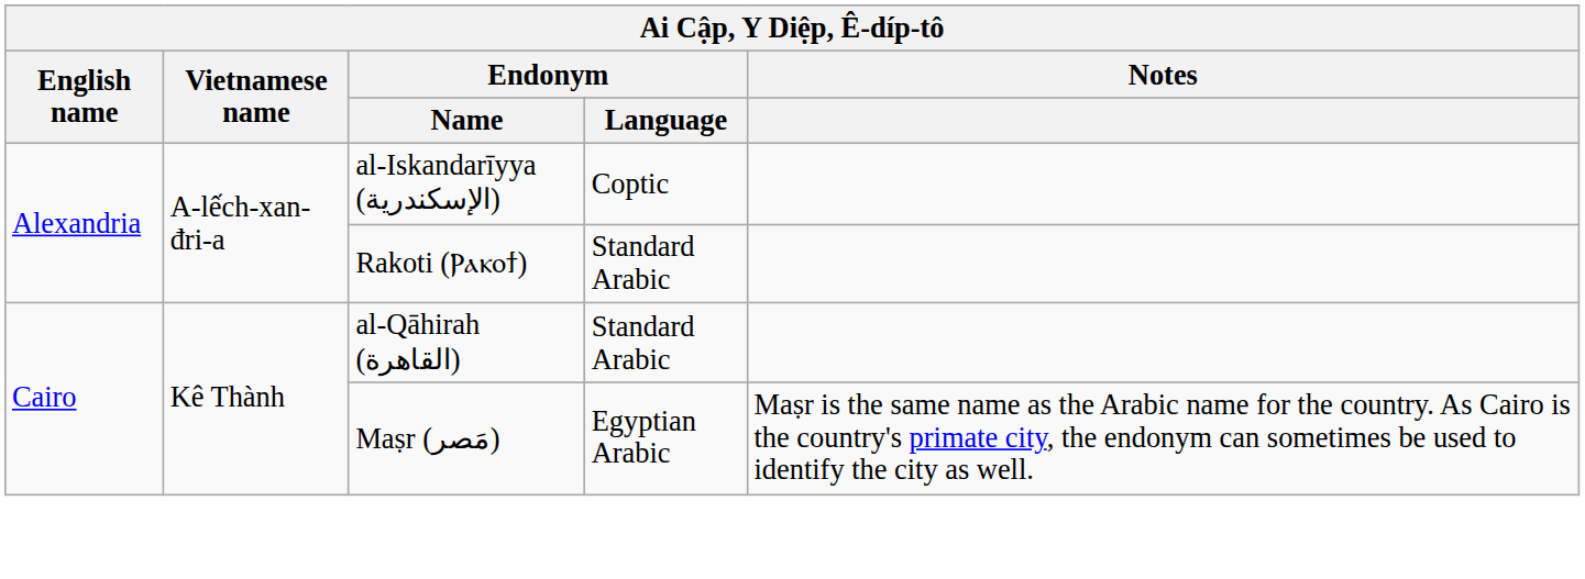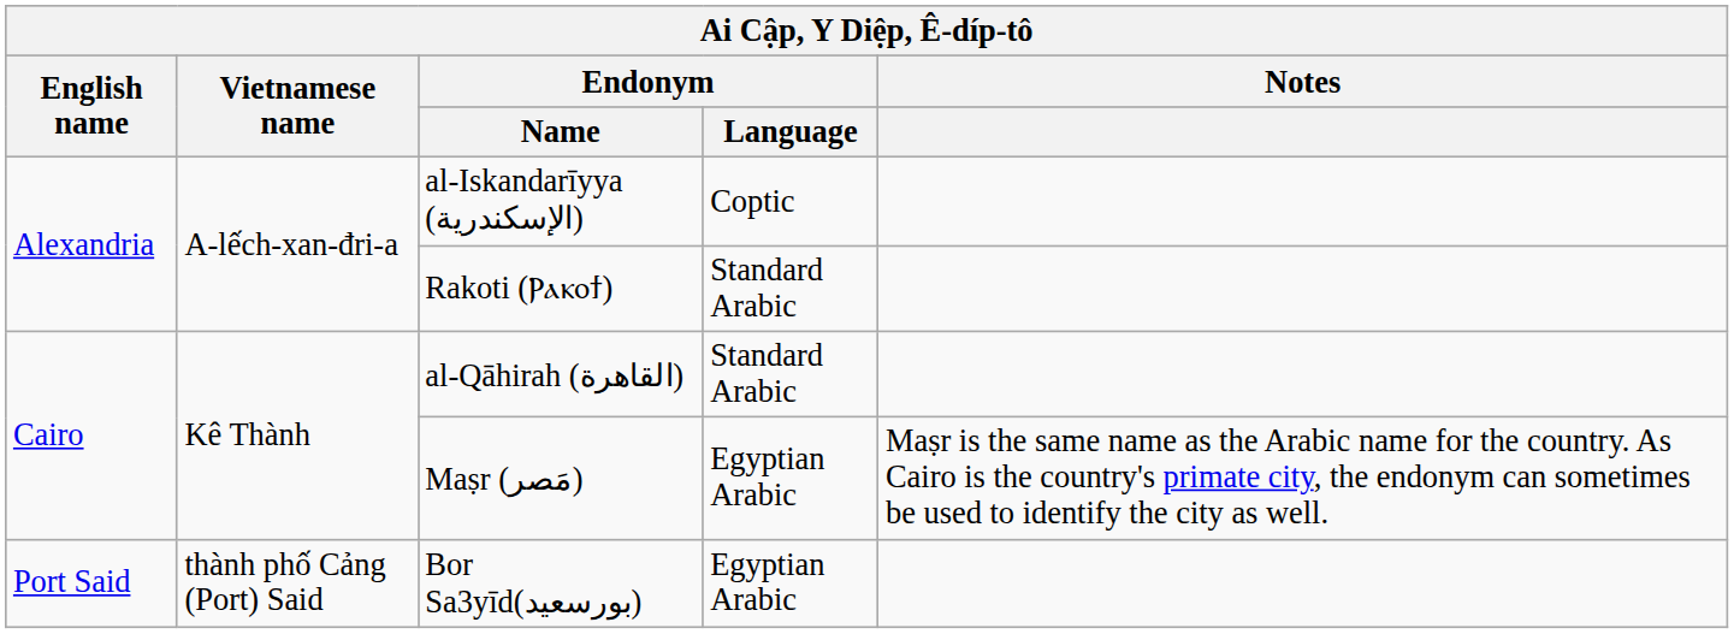 <table class="wikitable sortable">
 <tr>
 <th colspan="5"> Ai Cập, Y Diệp, Ê-díp-tô</th>
 </tr>
 <tr>
 <th rowspan="2">English name</th>
 <th rowspan="2">Vietnamese name</th>
 <th colspan="2">Endonym</th>
 <th>Notes</th>
 </tr>
 <tr>
 <th>Name</th>
 <th>Language</th>
 <th></th>
 </tr>
 <tr>
 <td rowspan="2"><a href='#'>Alexandria</a></td>
 <td rowspan="2">A-lếch-xan-đri-a</td>
 <td>al-Iskandarīyya (الإسكندرية)</td>
 <td>Coptic</td>
 <td></td>
 </tr>
 <tr>
 <td>Rakoti (Ⲣⲁⲕⲟϯ)</td>
 <td>Standard Arabic</td>
 <td></td>
 </tr>
 <tr>
 <td rowspan="2"><a href='#'>Cairo</a></td>
 <td rowspan="2">Kê Thành</td>
 <td>al-Qāhirah (القاهرة‎)</td>
 <td>Standard Arabic</td>
 </tr>
 <tr>
 <td>Maṣr (مَصر)</td>
 <td>Egyptian Arabic</td>
 <td>Maṣr is the same name as the Arabic name for the country. As Cairo is the country's <a href='#'>primate city</a>, the endonym can sometimes be used to identify the city as well.</td>
 </tr>
+<tr>
+<td><a href='#'>Port Said</a></td>
+<td>thành phố Cảng (Port) Said</td>
+<td>Bor Sa3yīd(بورسعيد)</td>
+<td>Egyptian Arabic</td>
+<td></td>
+</tr>
 </table>
